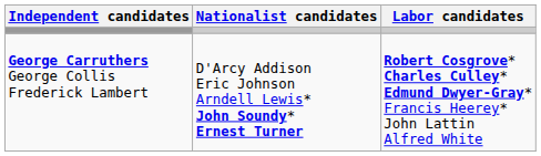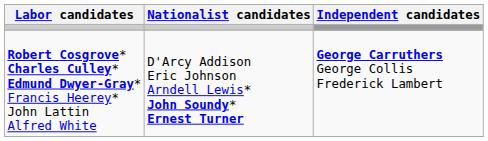 <table class="wikitable">
 <tr>
+<th><a href='#'>Labor</a> candidates</th>
+<th><a href='#'>Nationalist</a> candidates</th>
 <th><a href='#'>Independent</a> candidates</th>
-<th><a href='#'>Nationalist</a> candidates</th>
-<th><a href='#'>Labor</a> candidates</th>
 </tr>
 <tr bgcolor="#cccccc">
-<td bgcolor="#999999"></td>
 <td></td>
 <td></td>
+<td bgcolor="#999999"></td>
 </tr>
 <tr>
+<td><br><strong><a href='#'>Robert Cosgrove</a></strong>*<br> <strong><a href='#'>Charles Culley</a></strong>*<br> <strong><a href='#'>Edmund Dwyer-Gray</a></strong>*<br> <a href='#'>Francis Heerey</a>*<br> John Lattin<br> <a href='#'>Alfred White</a></td>
+<td><br>D'Arcy Addison<br> Eric Johnson<br> <a href='#'>Arndell Lewis</a>*<br> <strong><a href='#'>John Soundy</a></strong>*<br> <strong><a href='#'>Ernest Turner</a></strong></td>
 <td valign=top><br><strong><a href='#'>George Carruthers</a></strong><br> George Collis<br> Frederick Lambert</td>
-<td><br>D'Arcy Addison<br> Eric Johnson<br> <a href='#'>Arndell Lewis</a>*<br> <strong><a href='#'>John Soundy</a></strong>*<br> <strong><a href='#'>Ernest Turner</a></strong></td>
-<td><br><strong><a href='#'>Robert Cosgrove</a></strong>*<br> <strong><a href='#'>Charles Culley</a></strong>*<br> <strong><a href='#'>Edmund Dwyer-Gray</a></strong>*<br> <a href='#'>Francis Heerey</a>*<br> John Lattin<br> <a href='#'>Alfred White</a></td>
 </tr>
 </table>
